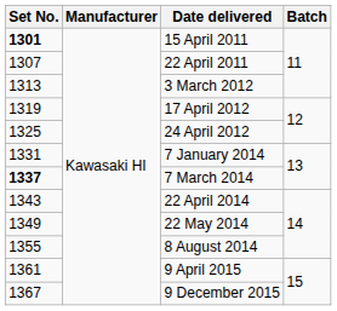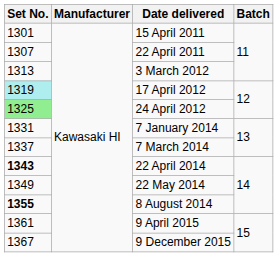 <table class="wikitable">
 <tr>
 <th>Set No.</th>
 <th>Manufacturer</th>
 <th>Date delivered</th>
 <th>Batch</th>
 </tr>
 <tr>
-<td><strong>1301</strong></td>
+<td>1301</td>
 <td rowspan="12">Kawasaki HI</td>
 <td>15 April 2011</td>
 <td rowspan="3">11</td>
 </tr>
 <tr>
 <td>1307</td>
 <td>22 April 2011</td>
 </tr>
 <tr>
 <td>1313</td>
 <td>3 March 2012</td>
 </tr>
 <tr>
-<td>1319</td>
+<td style="background: paleturquoise;">1319</td>
 <td>17 April 2012</td>
 <td rowspan="2">12</td>
 </tr>
 <tr>
-<td>1325</td>
+<td style="background: lightgreen;">1325</td>
 <td>24 April 2012</td>
 </tr>
 <tr>
 <td>1331</td>
 <td>7 January 2014</td>
 <td rowspan="2">13</td>
 </tr>
 <tr>
-<td><strong>1337</strong></td>
+<td>1337</td>
 <td>7 March 2014</td>
 </tr>
 <tr>
-<td>1343</td>
+<td><strong>1343</strong></td>
 <td>22 April 2014</td>
 <td rowspan="3">14</td>
 </tr>
 <tr>
 <td>1349</td>
 <td>22 May 2014</td>
 </tr>
 <tr>
-<td>1355</td>
+<td><strong>1355</strong></td>
 <td>8 August 2014</td>
 </tr>
 <tr>
 <td>1361</td>
 <td>9 April 2015</td>
 <td rowspan="2">15</td>
 </tr>
 <tr>
 <td>1367</td>
 <td>9 December 2015</td>
 </tr>
 </table>
